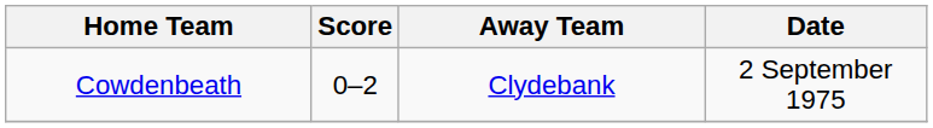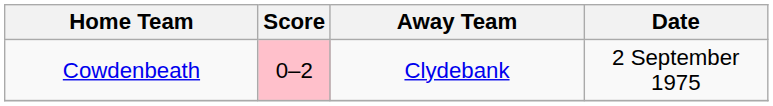 <table class="wikitable" style="text-align:center;">
 <tr>
 <th width=175>Home Team</th>
 <th width=20>Score</th>
 <th width=175>Away Team</th>
 <th width= 125>Date</th>
 </tr>
 <tr>
 <td><a href='#'>Cowdenbeath</a></td>
-<td>0–2</td>
+<td style="background: pink;">0–2</td>
 <td><a href='#'>Clydebank</a></td>
 <td>2 September 1975</td>
 </tr>
 <tr>
 </tr>
 </table>
